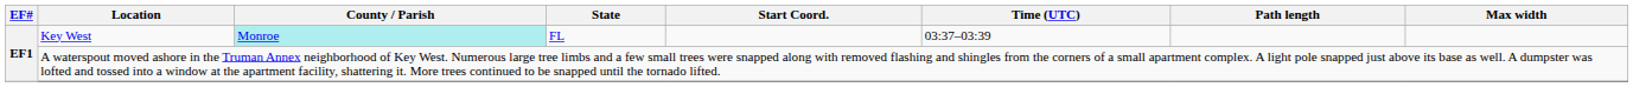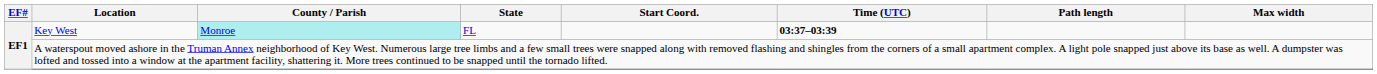 <table class="wikitable sortable" style="width:100%;">
 <tr>
 <th scope="col" width="2%" align="center"><a href='#'>EF#</a></th>
 <th scope="col" align="center" class="unsortable">Location</th>
 <th scope="col" align="center" class="unsortable">County / Parish</th>
 <th scope="col" align="center">State</th>
 <th scope="col" align="center">Start Coord.</th>
 <th scope="col" align="center">Time (<a href='#'>UTC</a>)</th>
 <th scope="col" align="center">Path length</th>
 <th scope="col" align="center">Max width</th>
 </tr>
 <tr>
 <th scope="row" rowspan="2" style="background-color:#">EF1</th>
 <td><a href='#'>Key West</a></td>
 <td style="background: paleturquoise;"><a href='#'>Monroe</a></td>
 <td><a href='#'>FL</a></td>
 <td></td>
-<td>03:37–03:39</td>
+<td><strong>03:37–03:39</strong></td>
 <td></td>
 <td></td>
 </tr>
 <tr class="expand-child">
 <td colspan="8" style=" border-bottom: 1px solid black;">A waterspout moved ashore in the <a href='#'>Truman Annex</a> neighborhood of Key West. Numerous large tree limbs and a few small trees were snapped along with removed flashing and shingles from the corners of a small apartment complex. A light pole snapped just above its base as well. A dumpster was lofted and tossed into a window at the apartment facility, shattering it. More trees continued to be snapped until the tornado lifted.</td>
 </tr>
 <tr>
 </tr>
 </table>
